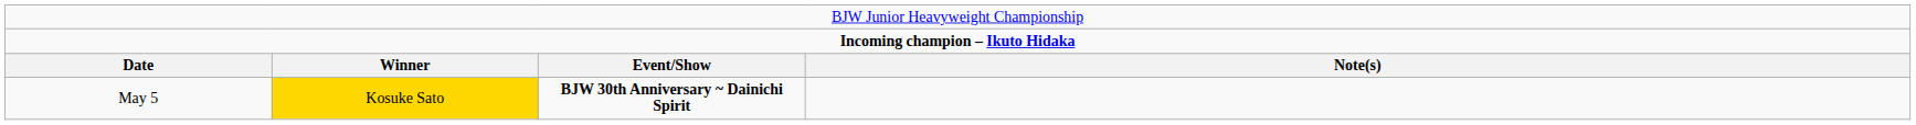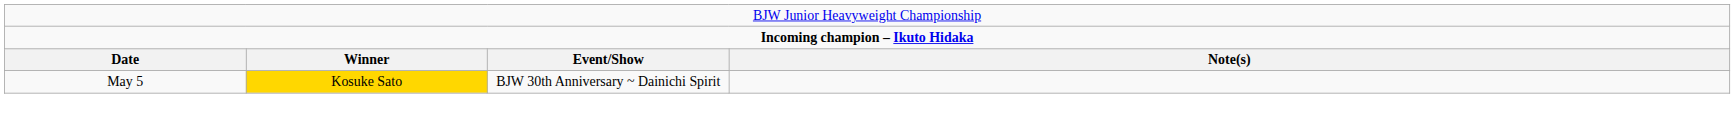 <table class="wikitable" style="text-align:center; width:100%;">
 <tr>
 <td colspan="4" style="text-align: center;"><a href='#'>BJW Junior Heavyweight Championship</a></td>
 </tr>
 <tr>
 <td colspan="4" style="text-align: center;"><strong>Incoming champion – <a href='#'>Ikuto Hidaka</a></strong></td>
 </tr>
 <tr>
 <th width="14%">Date</th>
 <th width="14%">Winner</th>
 <th width="14%">Event/Show</th>
 <th width="58%">Note(s)</th>
 </tr>
 <tr>
 <td>May 5</td>
 <td style="background: gold;">Kosuke Sato</td>
-<td><strong>BJW 30th Anniversary ~ Dainichi Spirit</strong></td>
+<td>BJW 30th Anniversary ~ Dainichi Spirit</td>
 <td></td>
 </tr>
 </table>
